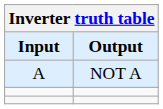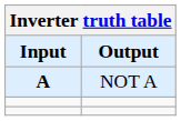 <table class="wikitable floatright" style="text-align:center">
 <tr>
 <th colspan="2">Inverter <a href='#'>truth table</a></th>
 </tr>
 <tr bgcolor="#ddeeff">
 <td colspan=1><strong>Input</strong></td>
 <td><strong>Output</strong></td>
 </tr>
 <tr bgcolor="#ddeeff">
-<td>A</td>
+<td><strong>A</strong></td>
 <td>NOT A</td>
 </tr>
 <tr>
 <td></td>
 <td></td>
 </tr>
 <tr>
 <td></td>
 <td></td>
 </tr>
 </table>
